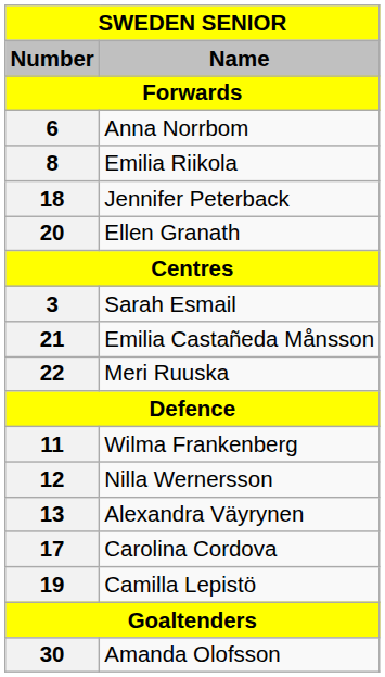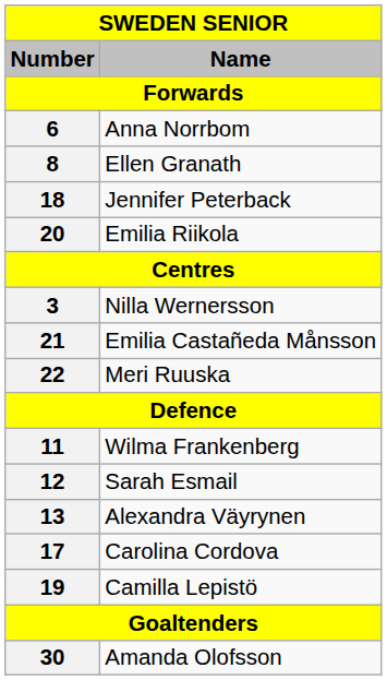 <table class="wikitable" style="text-align:left; font-size:90%;">
 <tr>
 <th style=background:Yellow colspan=2>SWEDEN SENIOR</th>
 </tr>
 <tr>
 <th style="background:silver;">Number</th>
 <th style="background:silver;">Name</th>
 </tr>
 <tr>
 <th style=background:Yellow colspan=2>Forwards</th>
 </tr>
 <tr>
 <th>6</th>
 <td>Anna Norrbom</td>
 </tr>
 <tr>
 <th>8</th>
-<td>Emilia Riikola</td>
+<td>Ellen Granath</td>
 </tr>
 <tr>
 <th>18</th>
 <td>Jennifer Peterback</td>
 </tr>
 <tr>
 <th>20</th>
-<td>Ellen Granath</td>
+<td>Emilia Riikola</td>
 </tr>
 <tr>
 <th style=background:Yellow colspan=2>Centres</th>
 </tr>
 <tr>
 <th>3</th>
-<td>Sarah Esmail </td>
+<td>Nilla Wernersson</td>
 </tr>
 <tr>
 <th>21</th>
 <td>Emilia Castañeda Månsson</td>
 </tr>
 <tr>
 <th>22</th>
 <td>Meri Ruuska</td>
 </tr>
 <tr>
 <th style=background:Yellow colspan=2>Defence</th>
 </tr>
 <tr>
 <th>11</th>
 <td>Wilma Frankenberg</td>
 </tr>
 <tr>
 <th>12</th>
-<td>Nilla Wernersson</td>
+<td>Sarah Esmail </td>
 </tr>
 <tr>
 <th>13</th>
 <td>Alexandra Väyrynen</td>
 </tr>
 <tr>
 <th>17</th>
 <td>Carolina Cordova</td>
 </tr>
 <tr>
 <th>19</th>
 <td>Camilla Lepistö</td>
 </tr>
 <tr>
 <th style=background:Yellow colspan=3>Goaltenders</th>
 </tr>
 <tr>
 <th>30</th>
 <td>Amanda Olofsson</td>
 </tr>
 </table>
